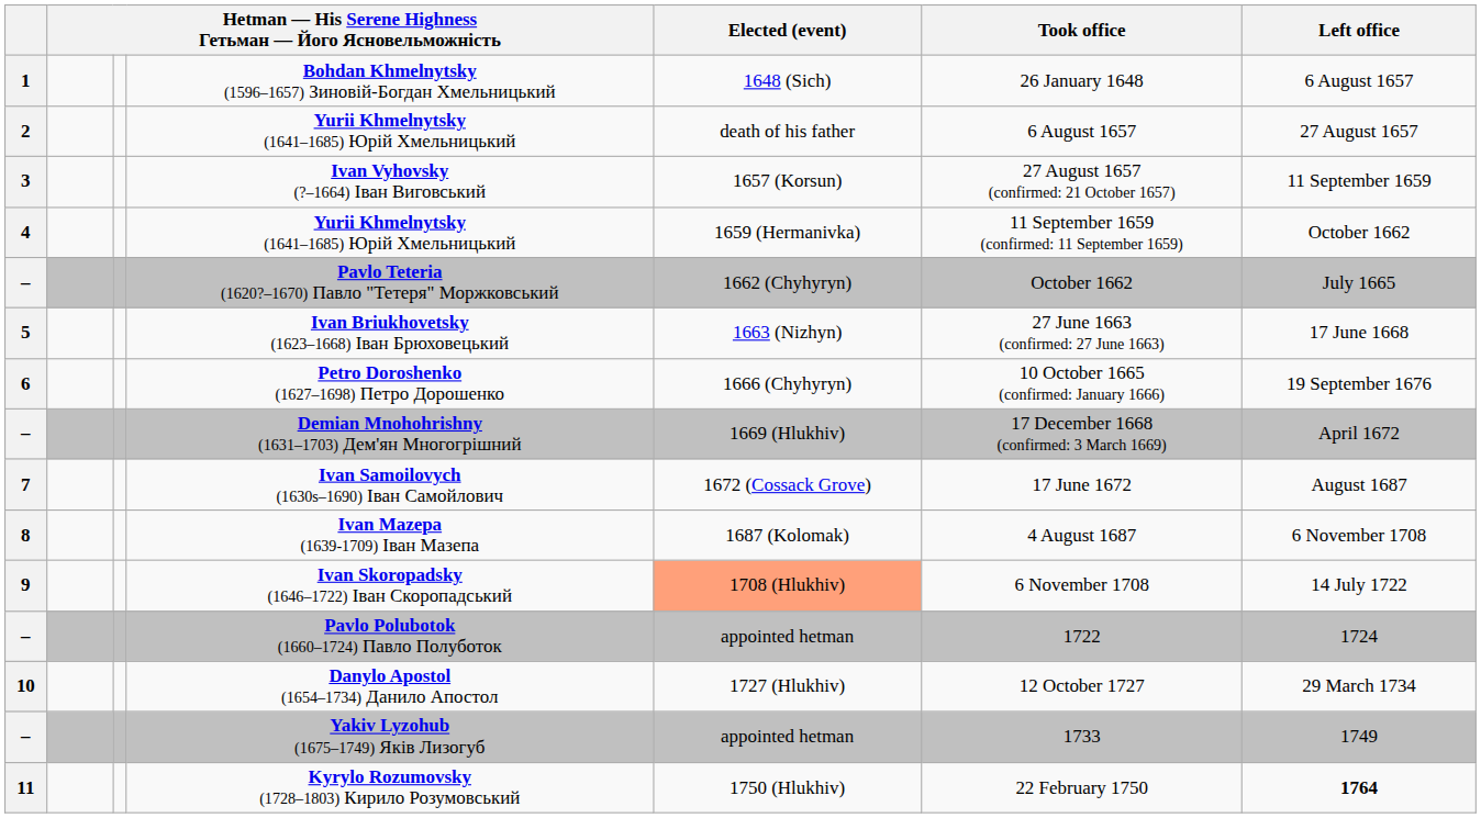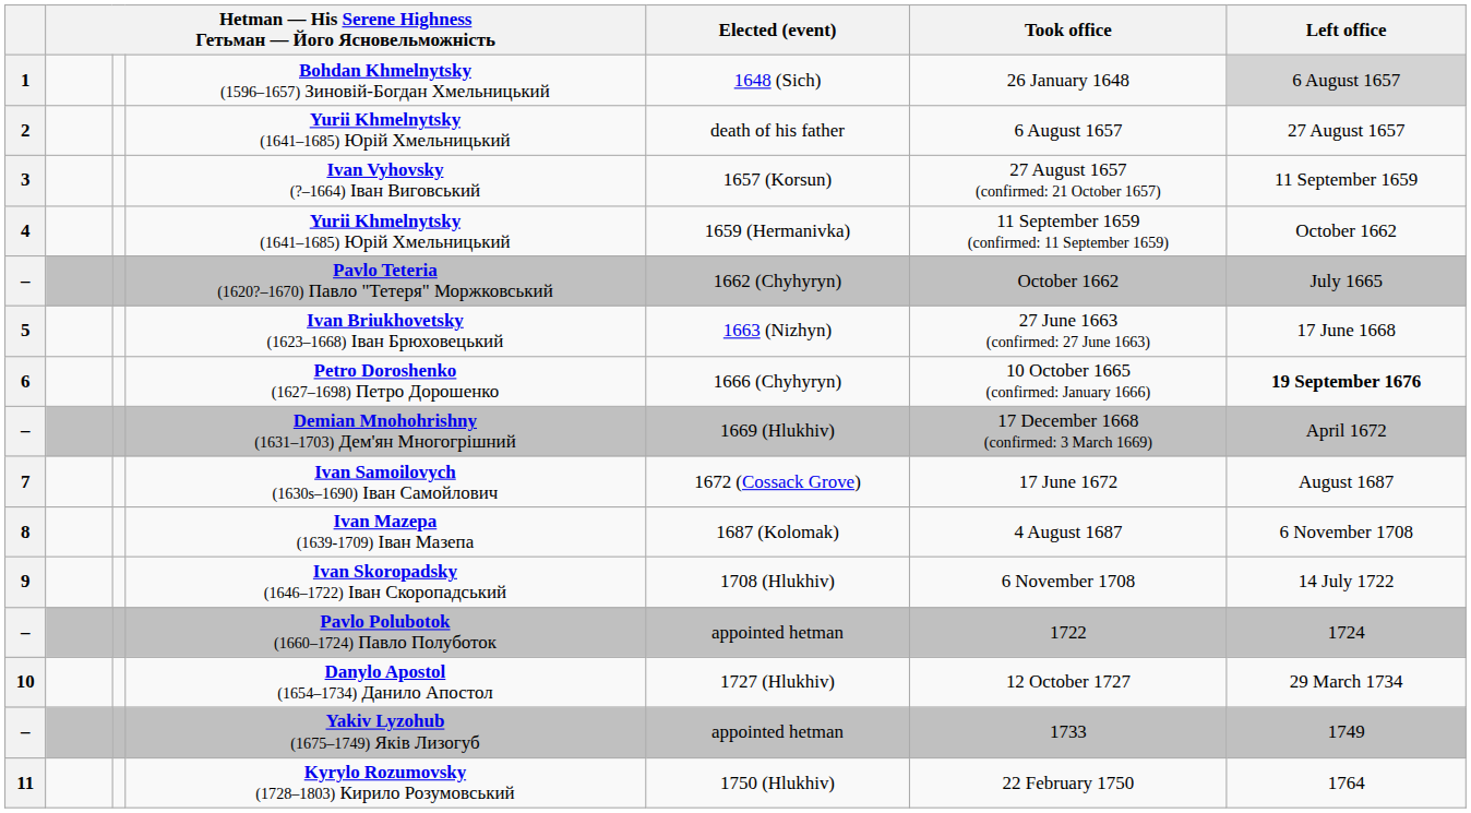 <table class="wikitable" width="100%" style="text-align:center;">
 <tr>
 <th></th>
 <th colspan="3">Hetman — His <a href='#'>Serene Highness</a><br><strong>Гетьман — Його Ясновельможність</strong></th>
 <th>Elected (event)</th>
 <th>Took office</th>
 <th>Left office</th>
 </tr>
 <tr>
 <th style="background:">1</th>
 <td width="50px"></td>
 <td></td>
 <td><strong><a href='#'>Bohdan Khmelnytsky</a></strong><br><small>(1596–1657)</small> Зиновій-Богдан Хмельницький</td>
 <td><a href='#'>1648</a> (Sich)</td>
 <td>26 January 1648</td>
-<td>6 August 1657</td>
+<td style="background: lightgrey;">6 August 1657</td>
 </tr>
 <tr>
 <th style="background:">2</th>
 <td width="50px"></td>
 <td></td>
 <td><strong><a href='#'>Yurii Khmelnytsky</a></strong><br><small>(1641–1685)</small> Юрій Хмельницький</td>
 <td>death of his father</td>
 <td>6 August 1657</td>
 <td>27 August 1657</td>
 </tr>
 <tr>
 <th style="background:">3</th>
 <td width="50px"></td>
 <td></td>
 <td><strong><a href='#'>Ivan Vyhovsky</a></strong><br><small>(?–1664)</small> Іван Виговський</td>
 <td>1657 (Korsun)</td>
 <td>27 August 1657<br><small>(confirmed: 21 October 1657)</small></td>
 <td>11 September 1659</td>
 </tr>
 <tr>
 <th style="background:">4</th>
 <td width="50px"></td>
 <td></td>
 <td><strong><a href='#'>Yurii Khmelnytsky</a></strong><br><small>(1641–1685)</small> Юрій Хмельницький</td>
 <td>1659 (Hermanivka)</td>
 <td>11 September 1659<br><small>(confirmed: 11 September 1659)</small></td>
 <td>October 1662</td>
 </tr>
 <tr bgcolor="silver">
 <th style="background:">–</th>
 <td></td>
 <td></td>
 <td><strong><a href='#'>Pavlo Teteria</a></strong><br><small>(1620?–1670)</small> Павло "Тетеря" Моржковський</td>
 <td>1662 (Chyhyryn)</td>
 <td>October 1662</td>
 <td>July 1665</td>
 </tr>
 <tr>
 <th style="background:">5</th>
 <td width="50px"></td>
 <td></td>
 <td><strong><a href='#'>Ivan Briukhovetsky</a></strong><br><small>(1623–1668)</small> Іван Брюховецький</td>
 <td><a href='#'>1663</a> (Nizhyn)</td>
 <td>27 June 1663<br><small>(confirmed: 27 June 1663)</small></td>
 <td>17 June 1668</td>
 </tr>
 <tr>
 <th style="background:">6</th>
 <td width="50px"></td>
 <td></td>
 <td><strong><a href='#'>Petro Doroshenko</a></strong><br><small>(1627–1698)</small> Петро Дорошенко</td>
 <td>1666 (Chyhyryn)</td>
 <td>10 October 1665<br><small>(confirmed: January 1666)</small></td>
-<td>19 September 1676</td>
+<td><strong>19 September 1676</strong></td>
 </tr>
 <tr bgcolor="silver">
 <th style="background:">–</th>
 <td width="50px"></td>
 <td></td>
 <td><strong><a href='#'>Demian Mnohohrishny</a></strong><br><small>(1631–1703)</small> Дем'ян Многогрішний</td>
 <td>1669 (Hlukhiv)</td>
 <td>17 December 1668<br><small>(confirmed: 3 March 1669)</small></td>
 <td>April 1672</td>
 </tr>
 <tr>
 <th style="background:">7</th>
 <td width="50px"></td>
 <td></td>
 <td><strong><a href='#'>Ivan Samoilovych</a></strong><br><small>(1630s–1690)</small> Іван Самойлович</td>
 <td>1672 (<a href='#'>Cossack Grove</a>)</td>
 <td>17 June 1672</td>
 <td>August 1687</td>
 </tr>
 <tr>
 <th style="background:">8</th>
 <td width="50px"></td>
 <td></td>
 <td><strong><a href='#'>Ivan Mazepa</a></strong><br><small>(1639-1709)</small> Іван Мазепа</td>
 <td>1687 (Kolomak)</td>
 <td>4 August 1687</td>
 <td>6 November 1708</td>
 </tr>
 <tr>
 <th style="background:">9</th>
 <td width="50px"></td>
 <td></td>
 <td><strong><a href='#'>Ivan Skoropadsky</a></strong><br><small>(1646–1722)</small> Іван Скоропадський</td>
-<td style="background: lightsalmon;">1708 (Hlukhiv)</td>
+<td>1708 (Hlukhiv)</td>
 <td>6 November 1708</td>
 <td>14 July 1722</td>
 </tr>
 <tr bgcolor="silver">
 <th style="background:">–</th>
 <td width="50px"></td>
 <td></td>
 <td><strong><a href='#'>Pavlo Polubotok</a></strong><br><small>(1660–1724)</small> Павло Полуботок</td>
 <td>appointed hetman</td>
 <td>1722</td>
 <td>1724</td>
 </tr>
 <tr>
 <th style="background:">10</th>
 <td width="50px"></td>
 <td></td>
 <td><strong><a href='#'>Danylo Apostol</a></strong><br><small>(1654–1734)</small> Данило Апостол</td>
 <td>1727 (Hlukhiv)</td>
 <td>12 October 1727</td>
 <td>29 March 1734</td>
 </tr>
 <tr bgcolor="silver">
 <th style="background:">–</th>
 <td width="50px"></td>
 <td></td>
 <td><strong><a href='#'>Yakiv Lyzohub</a></strong><br><small>(1675–1749)</small> Яків Лизогуб</td>
 <td>appointed hetman</td>
 <td>1733</td>
 <td>1749</td>
 </tr>
 <tr>
 <th style="background:">11</th>
 <td width="50px"></td>
 <td></td>
 <td><strong><a href='#'>Kyrylo Rozumovsky</a></strong><br><small>(1728–1803)</small> Кирило Розумовський</td>
 <td>1750 (Hlukhiv)</td>
 <td>22 February 1750</td>
-<td><strong>1764</strong></td>
+<td>1764</td>
 </tr>
 </table>
